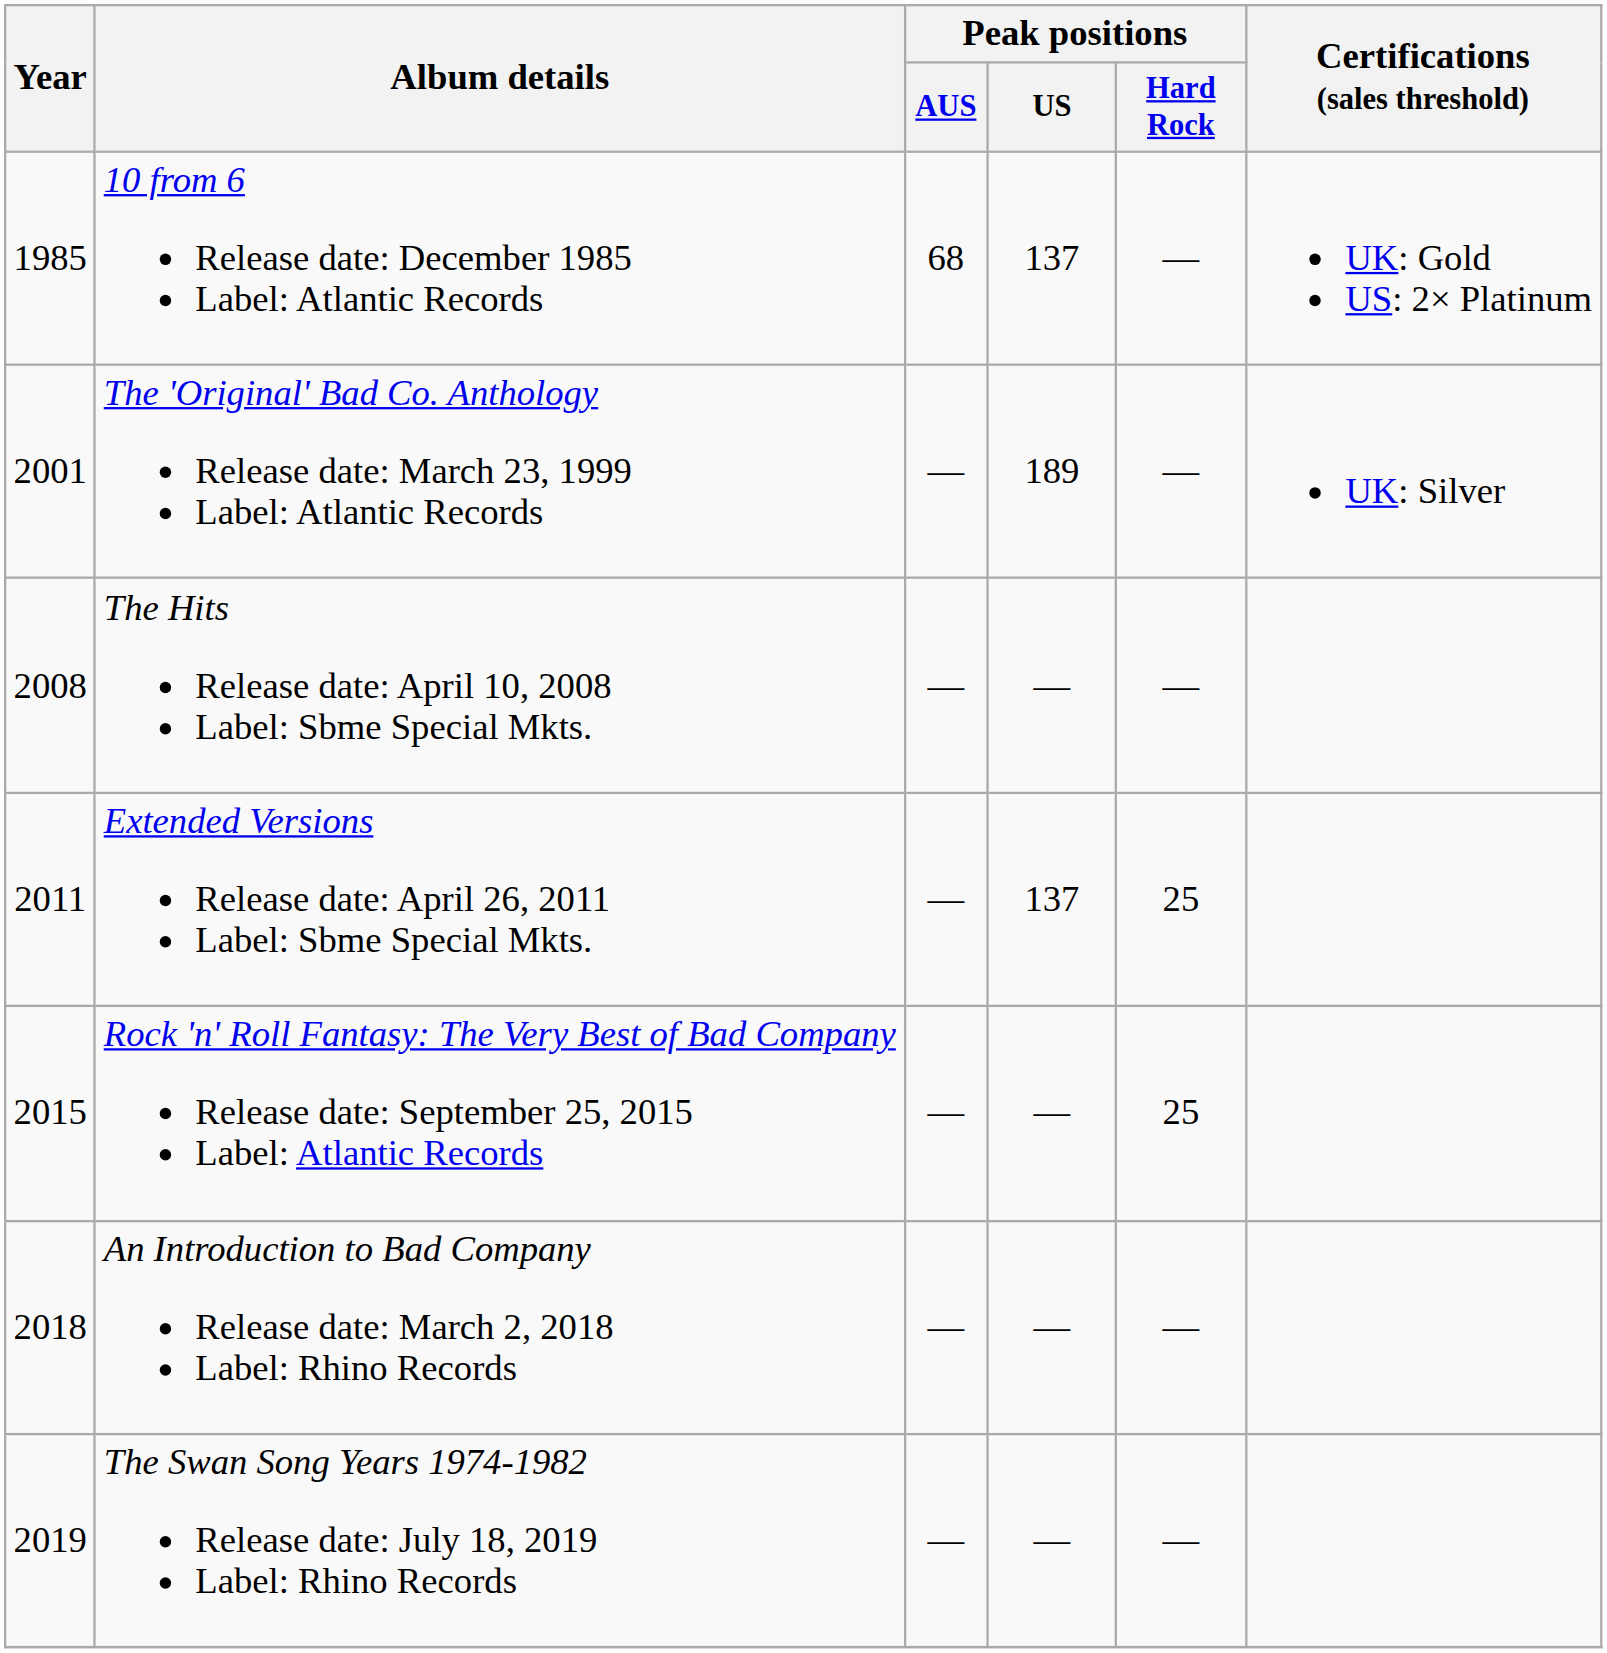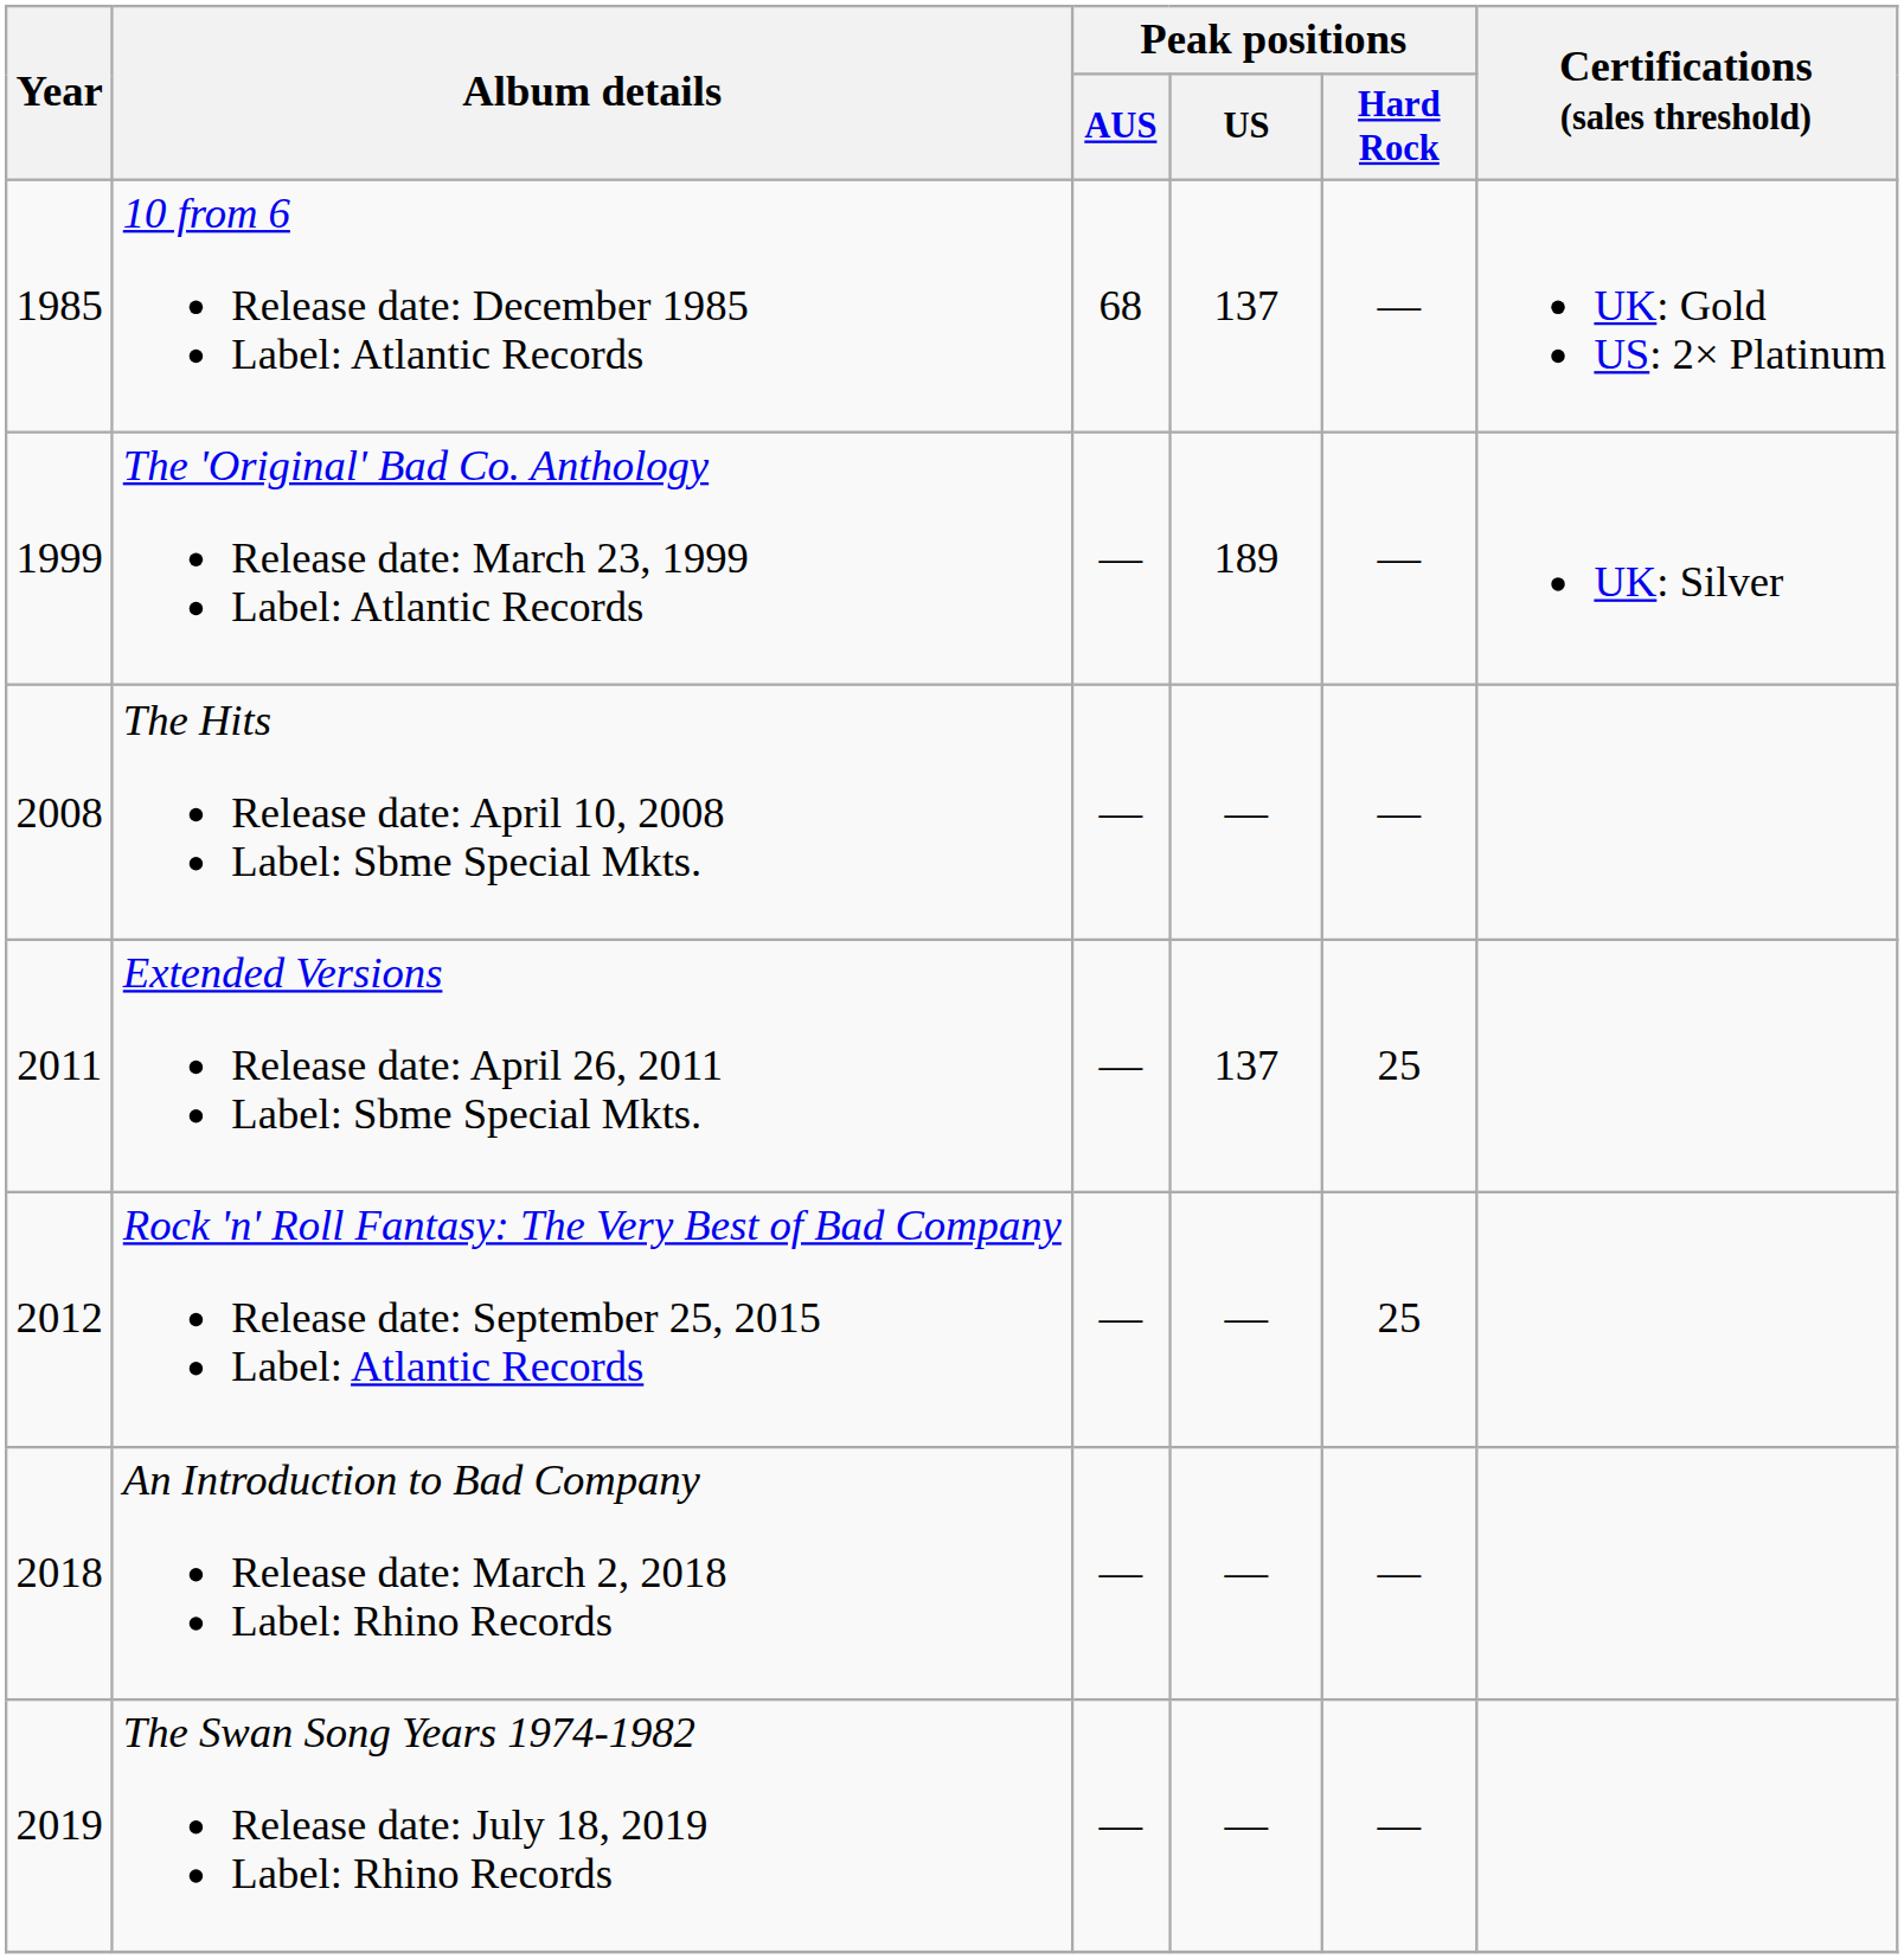 <table class="wikitable" style="text-align:center;">
 <tr>
 <th rowspan="2">Year</th>
 <th rowspan="2">Album details</th>
 <th colspan="3">Peak positions</th>
 <th rowspan="2">Certifications<br><small>(sales threshold)</small></th>
 </tr>
 <tr style="font-size:smaller;">
 <th width="30"><a href='#'>AUS</a><br></th>
 <th width="50">US<br></th>
 <th width="50"><a href='#'>Hard<br>Rock</a><br></th>
 </tr>
 <tr>
 <td>1985</td>
 <td align="left"><em><a href='#'>10 from 6</a></em><br><ul><li>Release date: December 1985</li><li>Label: Atlantic Records</li></ul></td>
 <td>68</td>
 <td>137</td>
 <td>—</td>
 <td align="left"><br><ul><li><a href='#'>UK</a>: Gold</li><li><a href='#'>US</a>: 2× Platinum</li></ul></td>
 </tr>
 <tr>
-<td>2001</td>
+<td>1999</td>
 <td align="left"><em><a href='#'>The 'Original' Bad Co. Anthology</a></em><br><ul><li>Release date: March 23, 1999</li><li>Label: Atlantic Records</li></ul></td>
 <td>—</td>
 <td>189</td>
 <td>—</td>
 <td align="left"><br><ul><li><a href='#'>UK</a>: Silver</li></ul></td>
 </tr>
 <tr>
 <td>2008</td>
 <td align="left"><em>The Hits</em><br><ul><li>Release date: April 10, 2008</li><li>Label: Sbme Special Mkts.</li></ul></td>
 <td>—</td>
 <td>—</td>
 <td>—</td>
 <td></td>
 </tr>
 <tr>
 <td>2011</td>
 <td align="left"><em><a href='#'>Extended Versions</a></em><br><ul><li>Release date: April 26, 2011</li><li>Label: Sbme Special Mkts.</li></ul></td>
 <td>—</td>
 <td>137</td>
 <td>25</td>
 <td></td>
 </tr>
 <tr>
-<td>2015</td>
+<td>2012</td>
 <td align="left"><em><a href='#'>Rock 'n' Roll Fantasy: The Very Best of Bad Company</a></em><br><ul><li>Release date: September 25, 2015</li><li>Label: <a href='#'>Atlantic Records</a></li></ul></td>
 <td>—</td>
 <td>—</td>
 <td>25</td>
 <td></td>
 </tr>
 <tr>
 <td>2018</td>
 <td align="left"><em>An Introduction to Bad Company</em><br><ul><li>Release date: March 2, 2018</li><li>Label: Rhino Records</li></ul></td>
 <td>—</td>
 <td>—</td>
 <td>—</td>
 <td></td>
 </tr>
 <tr>
 <td>2019</td>
 <td align="left"><em>The Swan Song Years 1974-1982</em><br><ul><li>Release date: July 18, 2019</li><li>Label: Rhino Records</li></ul></td>
 <td>—</td>
 <td>—</td>
 <td>—</td>
 <td></td>
 </tr>
 <tr>
 </tr>
 </table>
